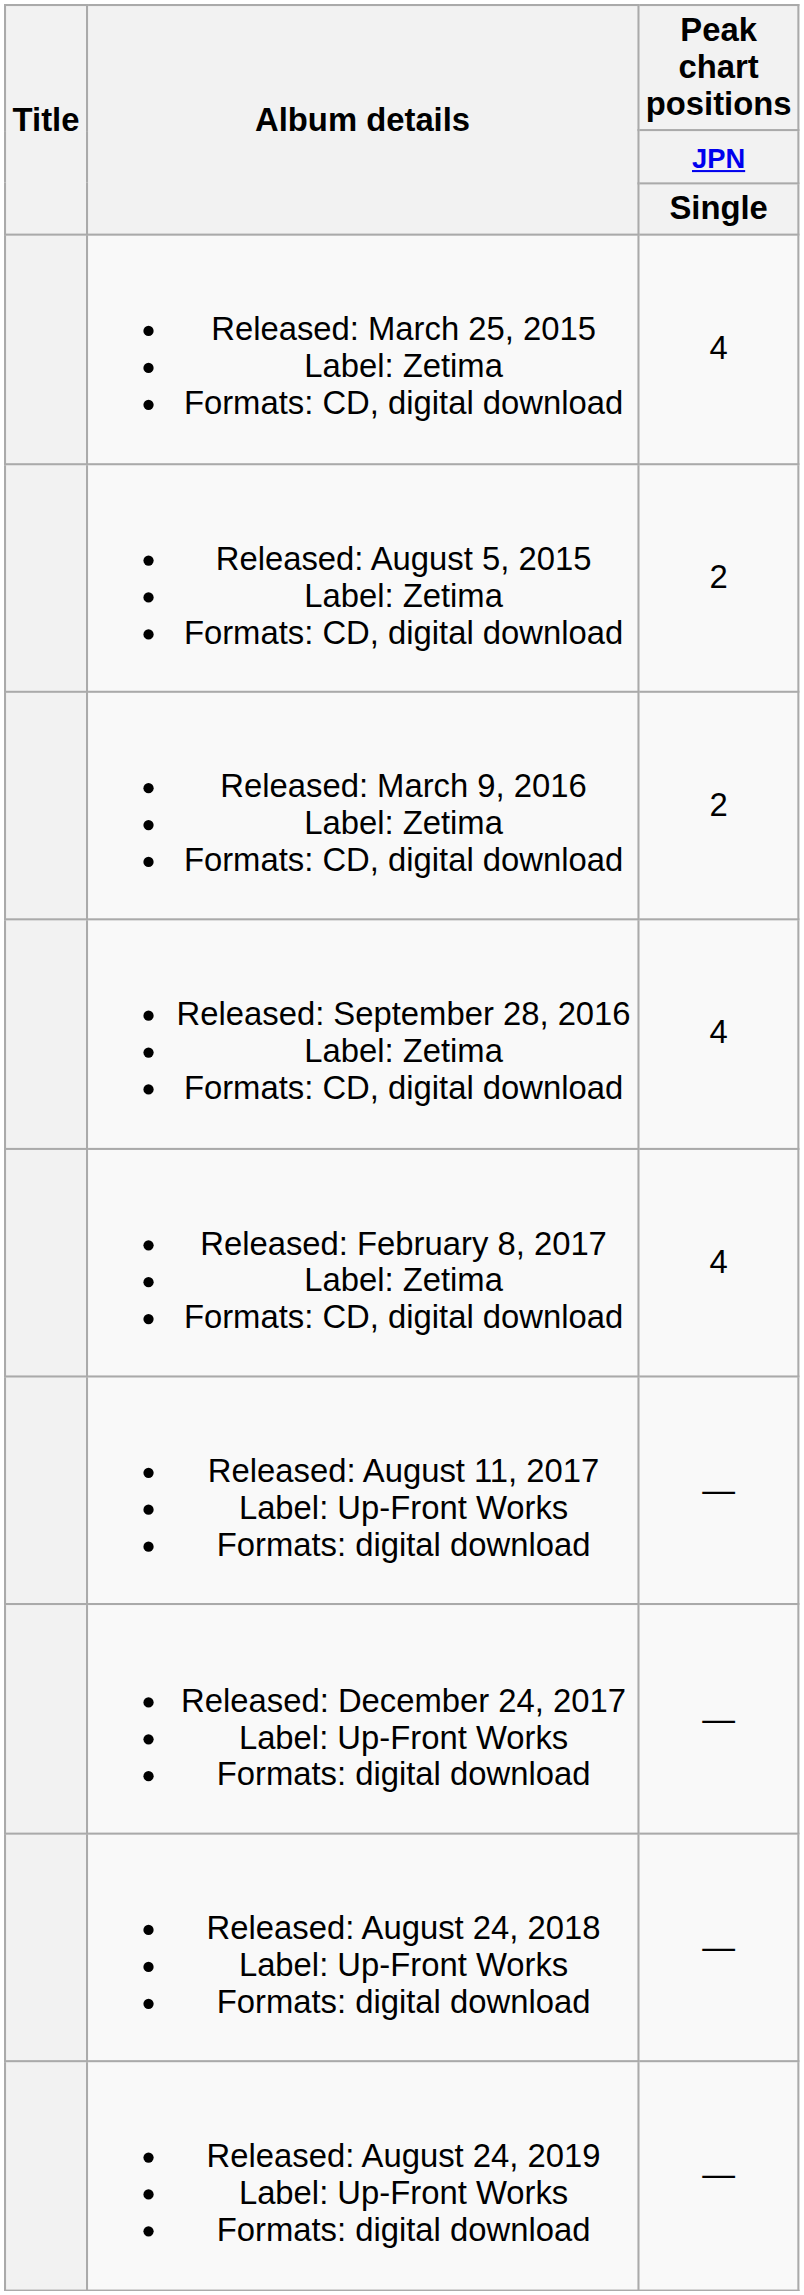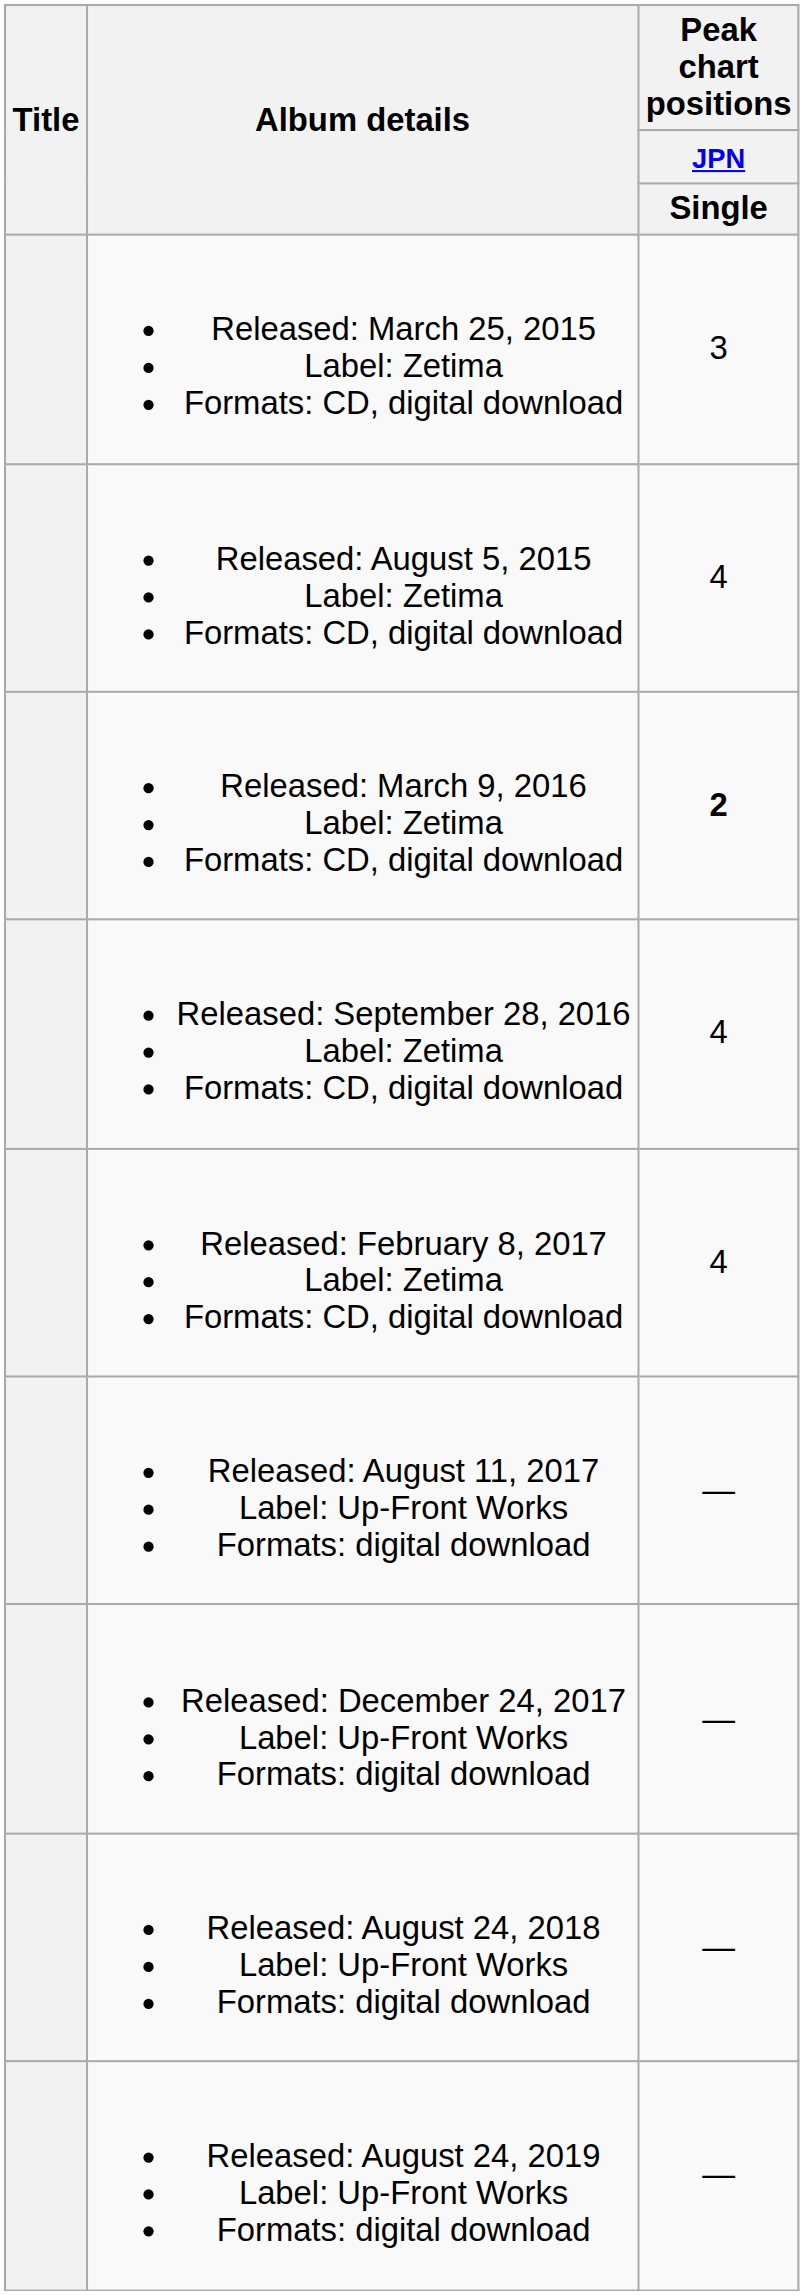 <table class="wikitable plainrowheaders" style="text-align:center;">
 <tr>
 <th scope="col" rowspan="3">Title</th>
 <th scope="col" rowspan="3">Album details</th>
 <th scope="col" colspan="1">Peak <br> chart <br> positions</th>
 </tr>
 <tr>
 <th scope="col" colspan="4"><small><a href='#'>JPN</a></small></th>
 </tr>
 <tr>
 <th style="width:2.5em;">Single</th>
 </tr>
 <tr>
 <th scope="row"><em></em></th>
 <td><br><ul><li>Released: March 25, 2015</li><li>Label: Zetima</li><li>Formats: CD, digital download</li></ul></td>
+<td>3</td>
+</tr>
+<tr>
+<th scope="row"><em></em></th>
+<td><br><ul><li>Released: August 5, 2015</li><li>Label: Zetima</li><li>Formats: CD, digital download</li></ul></td>
 <td>4</td>
 </tr>
 <tr>
 <th scope="row"><em></em></th>
-<td><br><ul><li>Released: August 5, 2015</li><li>Label: Zetima</li><li>Formats: CD, digital download</li></ul></td>
-<td>2</td>
-</tr>
-<tr>
-<th scope="row"><em></em></th>
 <td><br><ul><li>Released: March 9, 2016</li><li>Label: Zetima</li><li>Formats: CD, digital download</li></ul></td>
-<td>2</td>
+<td><strong>2</strong></td>
 </tr>
 <tr>
 <th scope="row"><em></em></th>
 <td><br><ul><li>Released: September 28, 2016</li><li>Label: Zetima</li><li>Formats: CD, digital download</li></ul></td>
 <td>4</td>
 </tr>
 <tr>
 <th scope="row"><em></em></th>
 <td><br><ul><li>Released: February 8, 2017</li><li>Label: Zetima</li><li>Formats: CD, digital download</li></ul></td>
 <td>4</td>
 </tr>
 <tr>
 <th scope="row"><em></em></th>
 <td><br><ul><li>Released: August 11, 2017</li><li>Label: Up-Front Works</li><li>Formats: digital download</li></ul></td>
 <td>—</td>
 </tr>
 <tr>
 <th scope="row"><em></em></th>
 <td><br><ul><li>Released: December 24, 2017</li><li>Label: Up-Front Works</li><li>Formats: digital download</li></ul></td>
 <td>—</td>
 </tr>
 <tr>
 <th scope="row"><em></em></th>
 <td><br><ul><li>Released: August 24, 2018</li><li>Label: Up-Front Works</li><li>Formats: digital download</li></ul></td>
 <td>—</td>
 </tr>
 <tr>
 <th scope="row"><em></em></th>
 <td><br><ul><li>Released: August 24, 2019</li><li>Label: Up-Front Works</li><li>Formats: digital download</li></ul></td>
 <td>—</td>
 </tr>
 <tr>
 </tr>
 </table>
